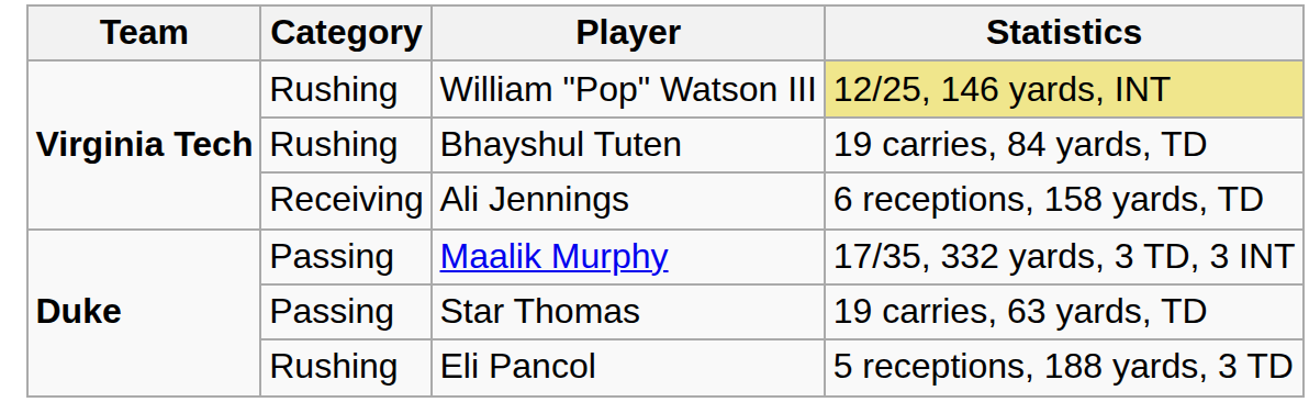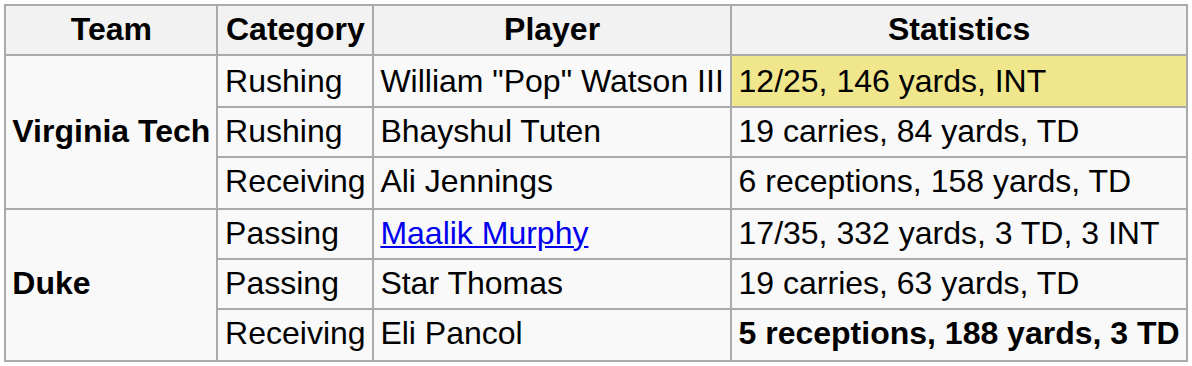 <table class="wikitable" style="float: right;">
 <tr>
 <th>Team</th>
 <th>Category</th>
 <th>Player</th>
 <th>Statistics</th>
 </tr>
 <tr>
 <td rowspan=3><strong>Virginia Tech</strong></td>
 <td>Rushing</td>
 <td>William "Pop" Watson III</td>
 <td style="background: khaki;">12/25, 146 yards, INT</td>
 </tr>
 <tr>
 <td>Rushing</td>
 <td>Bhayshul Tuten</td>
 <td>19 carries, 84 yards, TD</td>
 </tr>
 <tr>
 <td>Receiving</td>
 <td>Ali Jennings</td>
 <td>6 receptions, 158 yards, TD</td>
 </tr>
 <tr>
 <td rowspan=3><strong>Duke</strong></td>
 <td>Passing</td>
 <td><a href='#'>Maalik Murphy</a></td>
 <td>17/35, 332 yards, 3 TD, 3 INT</td>
 </tr>
 <tr>
 <td>Passing</td>
 <td>Star Thomas</td>
 <td>19 carries, 63 yards, TD</td>
 </tr>
 <tr>
-<td>Rushing</td>
+<td>Receiving</td>
 <td>Eli Pancol</td>
-<td>5 receptions, 188 yards, 3 TD</td>
+<td><strong>5 receptions, 188 yards, 3 TD</strong></td>
 </tr>
 </table>
